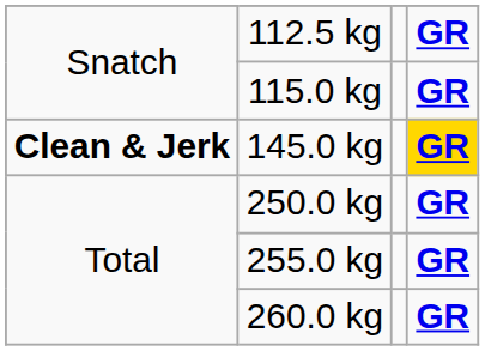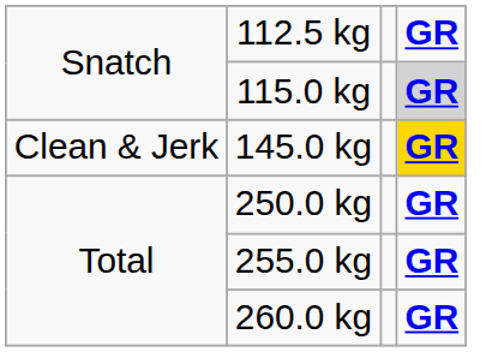 <table class = "wikitable" style="text-align:center;">
 <tr>
 <td rowspan=2>Snatch</td>
 <td>112.5 kg</td>
 <td align=left></td>
 <td><strong><a href='#'>GR</a></strong></td>
 </tr>
 <tr>
 <td>115.0 kg</td>
 <td align=left></td>
-<td><strong><a href='#'>GR</a></strong></td>
+<td style="background: lightgrey;"><strong><a href='#'>GR</a></strong></td>
 </tr>
 <tr>
-<td><strong>Clean & Jerk</strong></td>
+<td>Clean & Jerk</td>
 <td>145.0 kg</td>
 <td align=left></td>
 <td style="background: gold;"><strong><a href='#'>GR</a></strong></td>
 </tr>
 <tr>
 <td rowspan=3>Total</td>
 <td>250.0 kg</td>
 <td align=left></td>
 <td><strong><a href='#'>GR</a></strong></td>
 </tr>
 <tr>
 <td>255.0 kg</td>
 <td align=left></td>
 <td><strong><a href='#'>GR</a></strong></td>
 </tr>
 <tr>
 <td>260.0 kg</td>
 <td align=left></td>
 <td><strong><a href='#'>GR</a></strong></td>
 </tr>
 </table>
